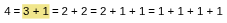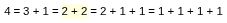 <table>
 <tr style="vertical-align:top; text-align:left;">
 <td></td>
 <td></td>
 <td><br></td>
 <td></td>
 <td><br></td>
 <td></td>
 <td><br><br></td>
 <td></td>
 <td><br><br><br></td>
 </tr>
 <tr style="vertical-align:top; text-align:center;">
 <td>4</td>
 <td>=</td>
-<td style="background: khaki;">3 + 1</td>
+<td>3 + 1</td>
 <td>=</td>
-<td>2 + 2</td>
+<td style="background: lightyellow;">2 + 2</td>
 <td>=</td>
 <td>2 + 1 + 1</td>
 <td>=</td>
 <td>1 + 1 + 1 + 1</td>
 </tr>
 </table>
